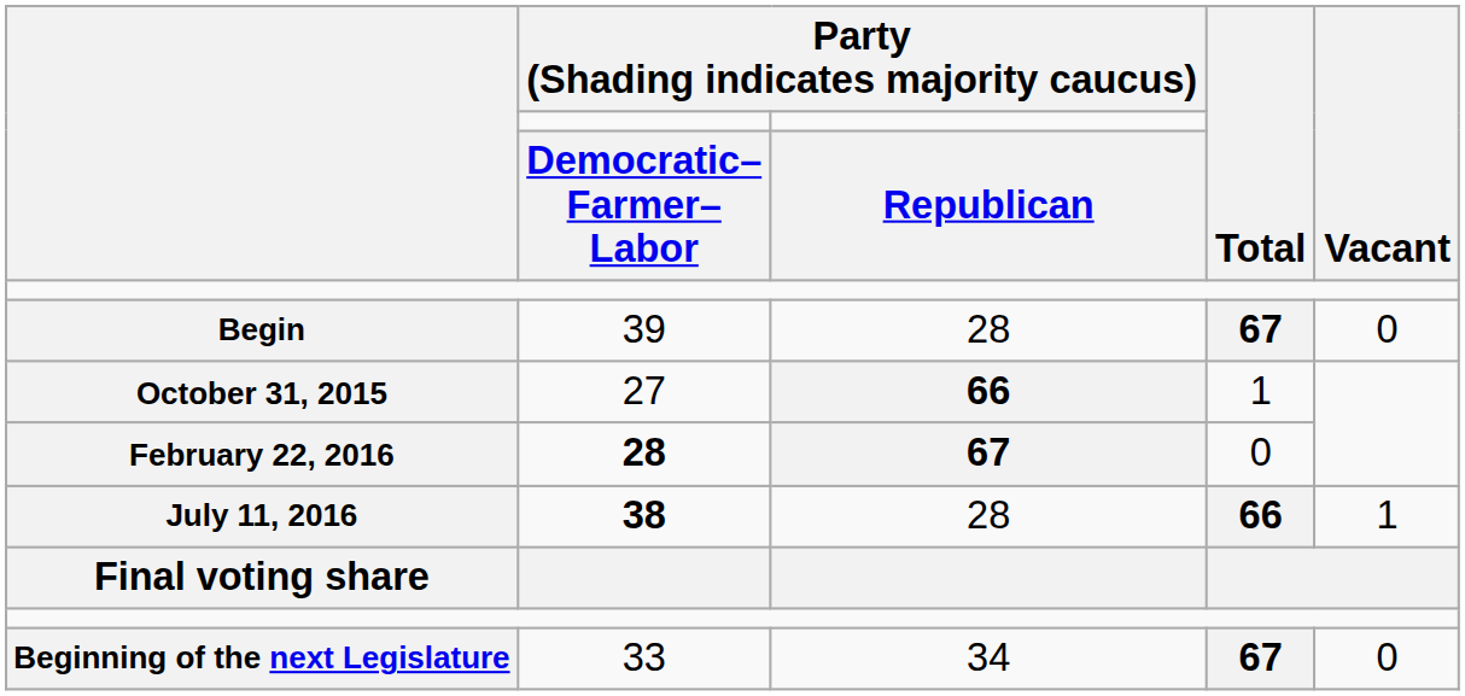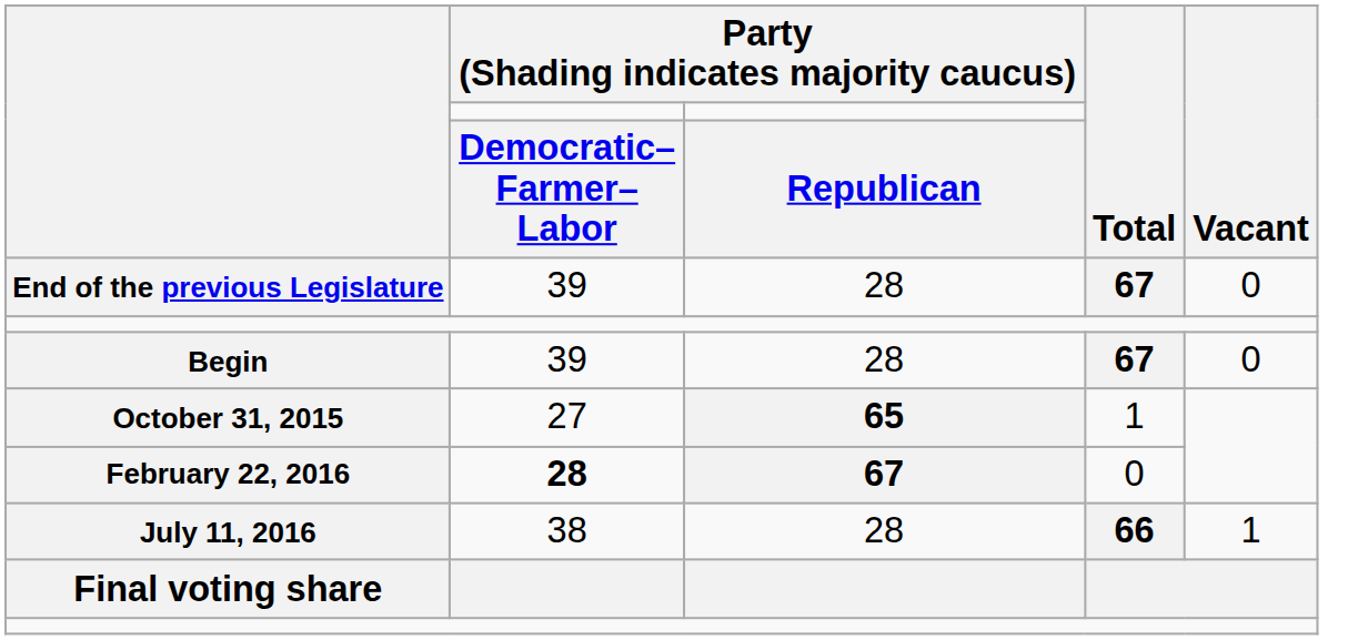 <table class=wikitable style="text-align:center">
 <tr style="vertical-align:bottom;">
 <th rowspan=3></th>
 <th colspan=2>Party <div>(Shading indicates majority caucus)</div></th>
 <th rowspan=3>Total</th>
 <th rowspan=3>Vacant</th>
 </tr>
 <tr style="height:5px">
 <td style="background-color:"></td>
 <td style="background-color:"></td>
 </tr>
 <tr>
 <th width=60><a href='#'>Democratic–Farmer–Labor</a></th>
 <th><a href='#'>Republican</a></th>
 </tr>
 <tr>
+<th nowrap style="font-size:80%">End of the <a href='#'>previous Legislature</a></th>
+<td>39</td>
+<td>28</td>
+<th>67</th>
+<td>0</td>
+</tr>
+<tr>
 <td colspan=5></td>
 </tr>
 <tr>
 <th nowrap style="font-size:80%">Begin</th>
 <td>39</td>
 <td>28</td>
 <th>67</th>
 <td>0</td>
 </tr>
 <tr>
 <th nowrap style="font-size:80%">October 31, 2015</th>
 <td>27</td>
-<th>66</th>
+<th>65</th>
 <td>1</td>
 </tr>
 <tr>
 <th nowrap style="font-size:80%">February 22, 2016</th>
 <td><strong>28</strong></td>
 <th>67</th>
 <td>0</td>
 </tr>
 <tr>
 <th nowrap style="font-size:80%">July 11, 2016</th>
-<td><strong>38</strong></td>
+<td>38</td>
 <td>28</td>
 <th>66</th>
 <td>1</td>
 </tr>
 <tr>
 <th>Final voting share</th>
 <th></th>
 <th></th>
 <th colspan=2></th>
 </tr>
 <tr>
 <td colspan=5></td>
 </tr>
-<tr>
-<th nowrap style="font-size:80%">Beginning of the <a href='#'>next Legislature</a></th>
-<td>33</td>
-<td>34</td>
-<th>67</th>
-<td>0</td>
-</tr>
 </table>
